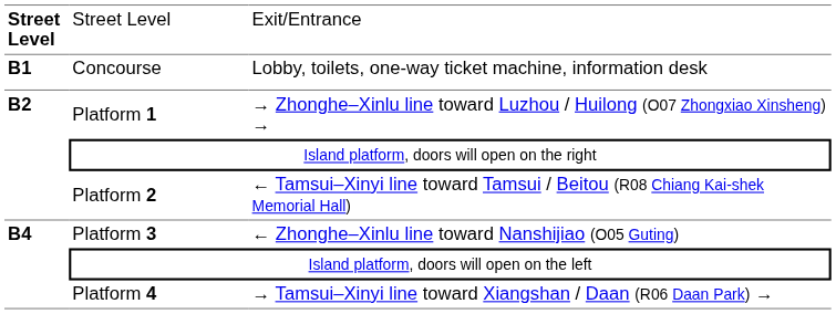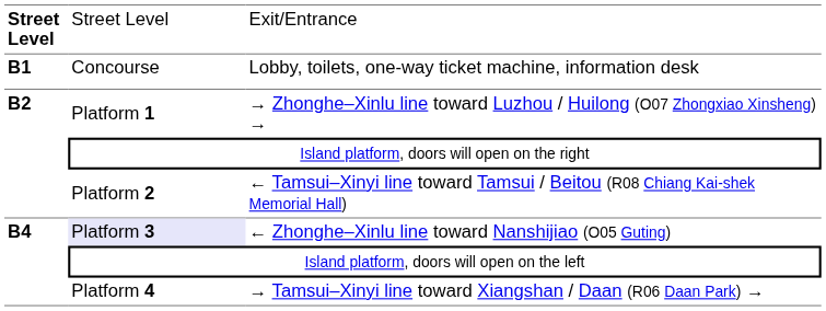 <table border=0 cellspacing=0 cellpadding=3>
 <tr>
 <td style="border-bottom:solid 1px gray;border-top:solid 1px gray;" width=50 valign=top><strong>Street Level</strong></td>
 <td style="border-top:solid 1px gray;border-bottom:solid 1px gray;" width=150 valign=top>Street Level</td>
 <td style="border-top:solid 1px gray;border-bottom:solid 1px gray;" width=500 valign=top>Exit/Entrance</td>
 </tr>
 <tr>
 <td style="border-bottom:solid 1px gray;" rowspan=2 valign=top width=50><strong>B1</strong></td>
 <td style="border-bottom:solid 1px gray;" rowspan=2 valign=top width=100>Concourse</td>
 <td width=390>Lobby, toilets, one-way ticket machine, information desk</td>
 </tr>
 <tr>
 <td style="border-bottom:solid 1px gray;"></td>
 </tr>
 <tr>
 <td style="border-bottom:solid 1px gray;" rowspan=3 valign=top><strong>B2</strong></td>
 <td>Platform <span><strong>1</strong></span></td>
 <td><span>→</span>  <a href='#'>Zhonghe–Xinlu line</a> toward <a href='#'>Luzhou</a> / <a href='#'>Huilong</a> <small>(O07 <a href='#'>Zhongxiao Xinsheng</a>)</small> →</td>
 </tr>
 <tr>
 <td style="border-top:solid 2px black;border-right:solid 2px black;border-left:solid 2px black;border-bottom:solid 2px black;text-align:center;" colspan=2><small><a href='#'>Island platform</a>, doors will open on the right</small></td>
 </tr>
 <tr>
 <td style="border-bottom:solid 1px gray;">Platform <span><strong>2</strong></span></td>
 <td style="border-bottom:solid 1px gray;">←  <a href='#'>Tamsui–Xinyi line</a> toward <a href='#'>Tamsui</a> / <a href='#'>Beitou</a> <small>(R08 <a href='#'>Chiang Kai-shek Memorial Hall</a>)</small></td>
 </tr>
 <tr>
 <td style="border-bottom:solid 1px gray;" rowspan=3 valign=top><strong>B4</strong></td>
-<td>Platform <span><strong>3</strong></span></td>
+<td style="background: lavender;">Platform <span><strong>3</strong></span></td>
 <td>←  <a href='#'>Zhonghe–Xinlu line</a> toward <a href='#'>Nanshijiao</a> <small>(O05 <a href='#'>Guting</a>)</small></td>
 </tr>
 <tr>
 <td style="border-top:solid 2px black;border-right:solid 2px black;border-left:solid 2px black;border-bottom:solid 2px black;text-align:center;" colspan=2><small><a href='#'>Island platform</a>, doors will open on the left</small></td>
 </tr>
 <tr>
 <td style="border-bottom:solid 1px gray;">Platform <span><strong>4</strong></span></td>
 <td style="border-bottom:solid 1px gray;"><span>→</span>  <a href='#'>Tamsui–Xinyi line</a> toward <a href='#'>Xiangshan</a> / <a href='#'>Daan</a> <small>(R06 <a href='#'>Daan Park</a>)</small> →</td>
 </tr>
 </table>
